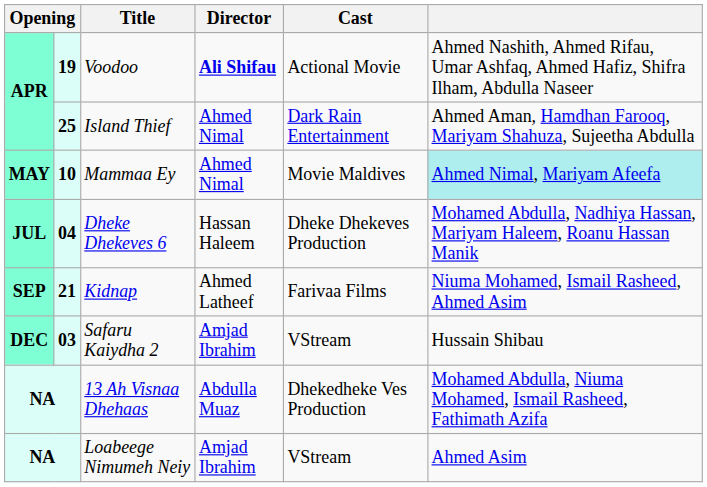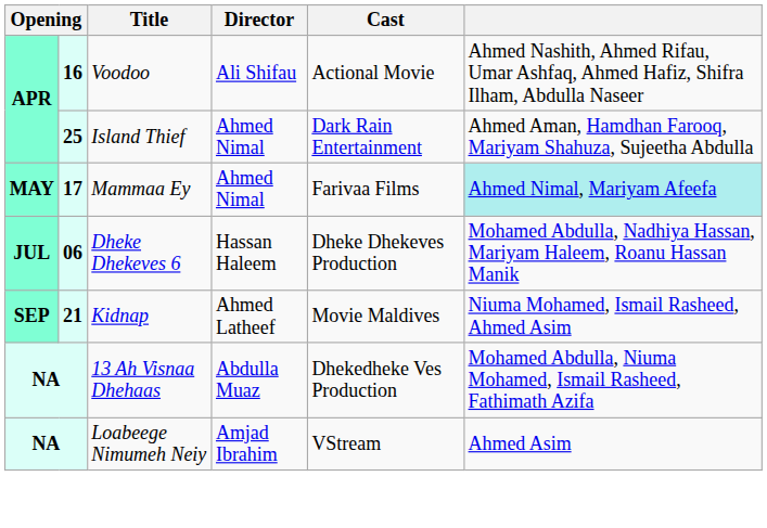 <table class="wikitable plainrowheaders" width="100%">
 <tr>
 <th scope="col" colspan="2">Opening</th>
 <th scope="col">Title</th>
 <th scope="col">Director</th>
 <th scope="col">Cast</th>
 <th scope="col"></th>
 </tr>
 <tr>
 <td style="text-align:center; background:#7FFFD4; textcolor:#000;" rowspan="2"><strong>APR</strong></td>
-<td style="text-align:center; background:#dbfff8;"><strong>19</strong></td>
+<td style="text-align:center; background:#dbfff8;"><strong>16</strong></td>
 <td><em>Voodoo</em></td>
-<td><strong><a href='#'>Ali Shifau</a></strong></td>
+<td><a href='#'>Ali Shifau</a></td>
 <td>Actional Movie</td>
 <td>Ahmed Nashith, Ahmed Rifau, Umar Ashfaq, Ahmed Hafiz, Shifra Ilham, Abdulla Naseer</td>
 </tr>
 <tr>
 <td style="text-align:center; background:#dbfff8;"><strong>25</strong></td>
 <td><em>Island Thief</em></td>
 <td><a href='#'>Ahmed Nimal</a></td>
 <td><a href='#'>Dark Rain Entertainment</a></td>
 <td>Ahmed Aman, <a href='#'>Hamdhan Farooq</a>, <a href='#'>Mariyam Shahuza</a>, Sujeetha Abdulla</td>
 </tr>
 <tr>
 <td style="text-align:center; background:#7FFFD4; textcolor:#000;"><strong>MAY</strong></td>
-<td style="text-align:center; background:#dbfff8;"><strong>10</strong></td>
+<td style="text-align:center; background:#dbfff8;"><strong>17</strong></td>
 <td><em>Mammaa Ey</em></td>
 <td><a href='#'>Ahmed Nimal</a></td>
-<td>Movie Maldives</td>
+<td>Farivaa Films</td>
 <td style="background: paleturquoise;"><a href='#'>Ahmed Nimal</a>, <a href='#'>Mariyam Afeefa</a></td>
 </tr>
 <tr>
 <td style="text-align:center; background:#7FFFD4; textcolor:#000;"><strong>JUL</strong></td>
-<td style="text-align:center; background:#dbfff8;"><strong>04</strong></td>
+<td style="text-align:center; background:#dbfff8;"><strong>06</strong></td>
 <td><em><a href='#'>Dheke Dhekeves 6</a></em></td>
 <td>Hassan Haleem</td>
 <td>Dheke Dhekeves Production</td>
 <td><a href='#'>Mohamed Abdulla</a>, <a href='#'>Nadhiya Hassan</a>, <a href='#'>Mariyam Haleem</a>, <a href='#'>Roanu Hassan Manik</a></td>
 </tr>
 <tr>
 <td style="text-align:center; background:#7FFFD4; textcolor:#000;"><strong>SEP</strong></td>
 <td style="text-align:center; background:#dbfff8;"><strong>21</strong></td>
 <td><em><a href='#'>Kidnap</a></em></td>
 <td>Ahmed Latheef</td>
-<td>Farivaa Films</td>
+<td>Movie Maldives</td>
 <td><a href='#'>Niuma Mohamed</a>, <a href='#'>Ismail Rasheed</a>, <a href='#'>Ahmed Asim</a></td>
-</tr>
-<tr>
-<td style="text-align:center; background:#7FFFD4; textcolor:#000;"><strong>DEC</strong></td>
-<td style="text-align:center; background:#dbfff8;"><strong>03</strong></td>
-<td><em>Safaru Kaiydha 2</em></td>
-<td><a href='#'>Amjad Ibrahim</a></td>
-<td>VStream</td>
-<td>Hussain Shibau</td>
 </tr>
 <tr>
 <td style="text-align:center; background:#dbfff8;" colspan="2"><strong>NA</strong></td>
 <td><em><a href='#'>13 Ah Visnaa Dhehaas</a></em></td>
 <td><a href='#'>Abdulla Muaz</a></td>
 <td>Dhekedheke Ves Production</td>
 <td><a href='#'>Mohamed Abdulla</a>, <a href='#'>Niuma Mohamed</a>, <a href='#'>Ismail Rasheed</a>, <a href='#'>Fathimath Azifa</a></td>
 </tr>
 <tr>
 <td style="text-align:center; background:#dbfff8;" colspan="2"><strong>NA</strong></td>
 <td><em>Loabeege Nimumeh Neiy</em></td>
 <td><a href='#'>Amjad Ibrahim</a></td>
 <td>VStream</td>
 <td><a href='#'>Ahmed Asim</a></td>
 </tr>
 </table>
